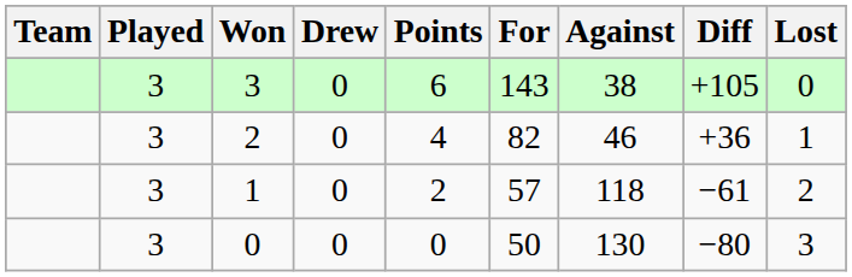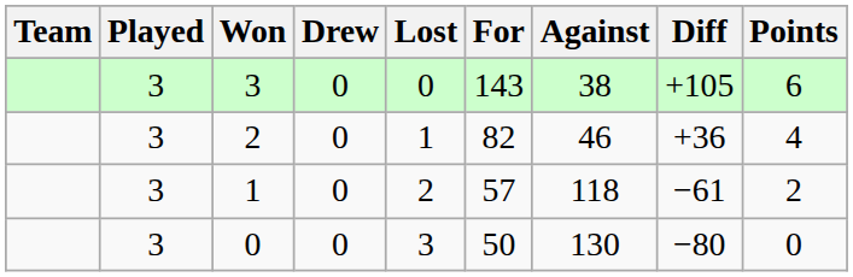 <table class="wikitable" style="text-align:center">
 <tr>
 <th>Team</th>
 <th>Played</th>
 <th>Won</th>
 <th>Drew</th>
-<th>Points</th>
+<th>Lost</th>
 <th>For</th>
 <th>Against</th>
 <th>Diff</th>
-<th>Lost</th>
+<th>Points</th>
 </tr>
 <tr bgcolor="#ccffcc">
 <td align=left></td>
 <td>3</td>
 <td>3</td>
 <td>0</td>
-<td>6</td>
+<td>0</td>
 <td>143</td>
 <td>38</td>
 <td>+105</td>
-<td>0</td>
+<td>6</td>
 </tr>
 <tr>
 <td align=left></td>
 <td>3</td>
 <td>2</td>
 <td>0</td>
-<td>4</td>
+<td>1</td>
 <td>82</td>
 <td>46</td>
 <td>+36</td>
-<td>1</td>
+<td>4</td>
 </tr>
 <tr>
 <td align=left></td>
 <td>3</td>
 <td>1</td>
 <td>0</td>
 <td>2</td>
 <td>57</td>
 <td>118</td>
 <td>−61</td>
 <td>2</td>
 </tr>
 <tr>
 <td align=left></td>
 <td>3</td>
 <td>0</td>
 <td>0</td>
-<td>0</td>
+<td>3</td>
 <td>50</td>
 <td>130</td>
 <td>−80</td>
-<td>3</td>
+<td>0</td>
 </tr>
 </table>
